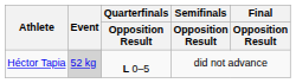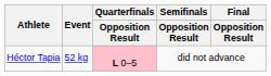 <table class="wikitable" border="1" style="font-size:90%">
 <tr>
 <th rowspan=2>Athlete</th>
 <th rowspan=2>Event</th>
 <th>Quarterfinals</th>
 <th>Semifinals</th>
 <th>Final</th>
 </tr>
 <tr>
 <th>Opposition<br>Result</th>
 <th>Opposition<br>Result</th>
 <th>Opposition<br>Result</th>
 </tr>
 <tr>
 <td><a href='#'>Héctor Tapia</a></td>
-<td style="background: lightgrey;"><a href='#'>52 kg</a></td>
-<td align=center><br><strong>L</strong> 0–5</td>
+<td><a href='#'>52 kg</a></td>
+<td align=center style="background: pink;"><br><strong>L</strong> 0–5</td>
 <td align=center colspan="7">did not advance</td>
 </tr>
 </table>
